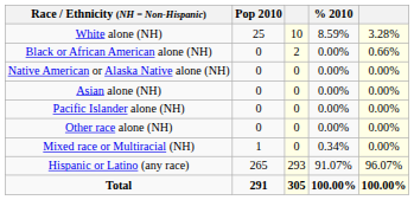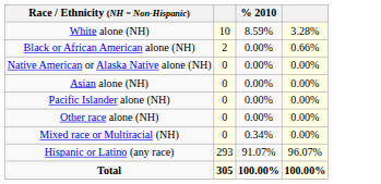 <table class="wikitable" style="text-align:center;">
 <tr>
 <th>Race / Ethnicity <small>(<em>NH = Non-Hispanic</em>)</small></th>
-<th>Pop 2010</th>
 <th></th>
 <th>% 2010</th>
 <th></th>
 </tr>
 <tr>
 <td><a href='#'>White</a> alone (NH)</td>
-<td>25</td>
 <td style='background: #ffffe6;'>10</td>
 <td>8.59%</td>
 <td style='background: #ffffe6;'>3.28%</td>
 </tr>
 <tr>
 <td><a href='#'>Black or African American</a> alone (NH)</td>
-<td>0</td>
 <td style='background: #ffffe6;'>2</td>
 <td>0.00%</td>
 <td style='background: #ffffe6;'>0.66%</td>
 </tr>
 <tr>
 <td><a href='#'>Native American</a> or <a href='#'>Alaska Native</a> alone (NH)</td>
-<td>0</td>
 <td style='background: #ffffe6;'>0</td>
 <td>0.00%</td>
 <td style='background: #ffffe6;'>0.00%</td>
 </tr>
 <tr>
 <td><a href='#'>Asian</a> alone (NH)</td>
-<td>0</td>
 <td style='background: #ffffe6;'>0</td>
 <td>0.00%</td>
 <td style='background: #ffffe6;'>0.00%</td>
 </tr>
 <tr>
 <td><a href='#'>Pacific Islander</a> alone (NH)</td>
-<td>0</td>
 <td style='background: #ffffe6;'>0</td>
 <td>0.00%</td>
 <td style='background: #ffffe6;'>0.00%</td>
 </tr>
 <tr>
 <td><a href='#'>Other race</a> alone (NH)</td>
-<td>0</td>
 <td style='background: #ffffe6;'>0</td>
 <td>0.00%</td>
 <td style='background: #ffffe6;'>0.00%</td>
 </tr>
 <tr>
 <td><a href='#'>Mixed race or Multiracial</a> (NH)</td>
-<td>1</td>
 <td style='background: #ffffe6;'>0</td>
 <td>0.34%</td>
 <td style='background: #ffffe6;'>0.00%</td>
 </tr>
 <tr>
 <td><a href='#'>Hispanic or Latino</a> (any race)</td>
-<td>265</td>
 <td style='background: #ffffe6;'>293</td>
 <td>91.07%</td>
 <td style='background: #ffffe6;'>96.07%</td>
 </tr>
 <tr>
 <td><strong>Total</strong></td>
-<td><strong>291</strong></td>
 <td style='background: #ffffe6;'><strong>305</strong></td>
 <td><strong>100.00%</strong></td>
 <td style='background: #ffffe6;'><strong>100.00%</strong></td>
 </tr>
 </table>
